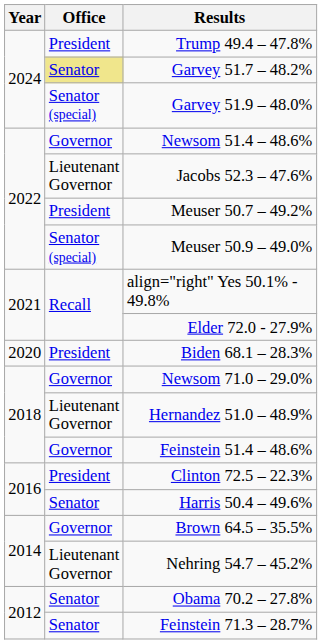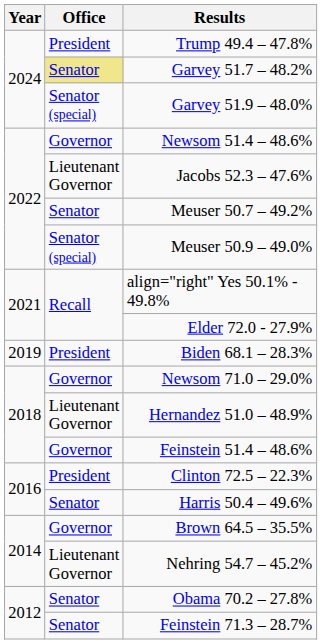 <table class=wikitable>
 <tr>
 <th width="30">Year</th>
 <th width="60">Office</th>
 <th width="180">Results</th>
 </tr>
 <tr>
 <td rowspan="3">2024</td>
 <td><a href='#'>President</a></td>
 <td align="right" ><a href='#'>Trump</a> 49.4 – 47.8%</td>
 </tr>
 <tr>
 <td style="background: khaki;"><a href='#'>Senator</a></td>
 <td align="right" ><a href='#'>Garvey</a> 51.7 – 48.2%</td>
 </tr>
 <tr>
 <td><a href='#'>Senator <small>(special)</small></a></td>
 <td align="right" ><a href='#'>Garvey</a> 51.9 – 48.0%</td>
 </tr>
 <tr>
 <td rowspan="4">2022</td>
 <td><a href='#'>Governor</a></td>
 <td align="right" ><a href='#'>Newsom</a> 51.4 – 48.6%</td>
 </tr>
 <tr>
 <td>Lieutenant Governor</td>
 <td align="right" >Jacobs 52.3 – 47.6%</td>
 </tr>
 <tr>
-<td><a href='#'>President</a></td>
+<td><a href='#'>Senator</a></td>
 <td align="right" >Meuser 50.7 – 49.2%</td>
 </tr>
 <tr>
 <td><a href='#'>Senator <small>(special)</small></a></td>
 <td align="right" >Meuser 50.9 – 49.0%</td>
 </tr>
 <tr>
 <td rowspan=2>2021</td>
 <td rowspan=2><a href='#'>Recall</a></td>
 <td>align="right"  Yes 50.1% - 49.8%</td>
 </tr>
 <tr>
 <td align="right" ><a href='#'>Elder</a> 72.0 - 27.9%</td>
 </tr>
 <tr>
-<td rowspan="1">2020</td>
+<td rowspan="1">2019</td>
 <td><a href='#'>President</a></td>
 <td align="right" ><a href='#'>Biden</a> 68.1 – 28.3%</td>
 </tr>
 <tr>
 <td rowspan="3">2018</td>
 <td><a href='#'>Governor</a></td>
 <td align="right" ><a href='#'>Newsom</a> 71.0 – 29.0%</td>
 </tr>
 <tr>
 <td>Lieutenant Governor</td>
 <td align="right" ><a href='#'>Hernandez</a> 51.0 – 48.9%</td>
 </tr>
 <tr>
 <td><a href='#'>Governor</a></td>
 <td align="right" ><a href='#'>Feinstein</a> 51.4 – 48.6%</td>
 </tr>
 <tr>
 <td rowspan="2">2016</td>
 <td><a href='#'>President</a></td>
 <td align="right" ><a href='#'>Clinton</a> 72.5 – 22.3%</td>
 </tr>
 <tr>
 <td><a href='#'>Senator</a></td>
 <td align="right" ><a href='#'>Harris</a> 50.4 – 49.6%</td>
 </tr>
 <tr>
 <td rowspan="2">2014</td>
 <td><a href='#'>Governor</a></td>
 <td align="right" ><a href='#'>Brown</a> 64.5 – 35.5%</td>
 </tr>
 <tr>
 <td>Lieutenant Governor</td>
 <td align="right" >Nehring 54.7 – 45.2%</td>
 </tr>
 <tr>
 <td rowspan="2">2012</td>
 <td><a href='#'>Senator</a></td>
 <td align="right" ><a href='#'>Obama</a> 70.2 – 27.8%</td>
 </tr>
 <tr>
 <td><a href='#'>Senator</a></td>
 <td align="right" ><a href='#'>Feinstein</a> 71.3 – 28.7%</td>
 </tr>
 </table>
